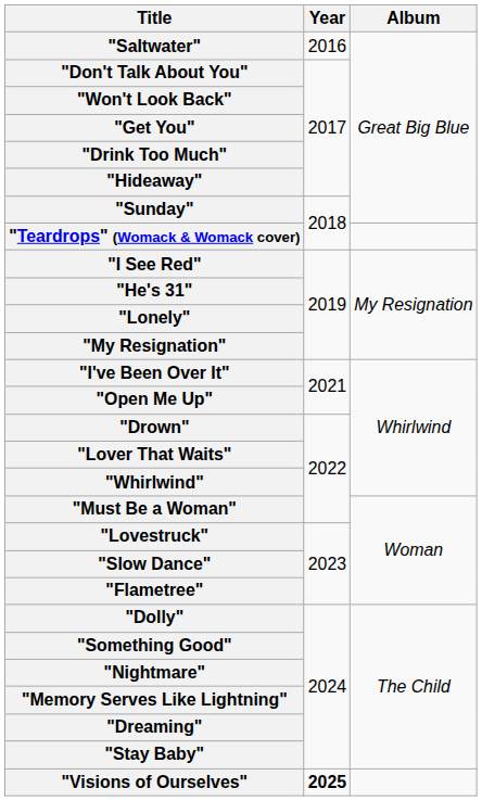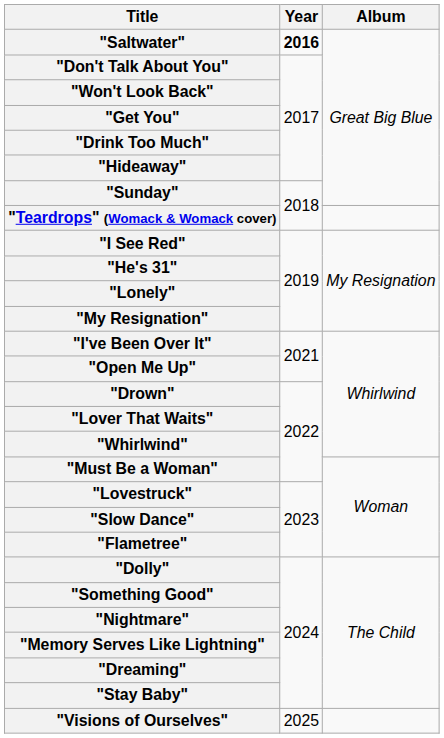 <table class="wikitable plainrowheaders" style="text-align:center;">
 <tr>
 <th scope="col">Title</th>
 <th scope="col">Year</th>
 <th scope="col">Album</th>
 </tr>
 <tr>
 <th scope="row">"Saltwater"</th>
-<td>2016</td>
+<td><strong>2016</strong></td>
 <td rowspan="7"><em>Great Big Blue</em></td>
 </tr>
 <tr>
 <th scope="row">"Don't Talk About You"</th>
 <td rowspan="5">2017</td>
 </tr>
 <tr>
 <th scope="row">"Won't Look Back"</th>
 </tr>
 <tr>
 <th scope="row">"Get You"</th>
 </tr>
 <tr>
 <th scope="row">"Drink Too Much"</th>
 </tr>
 <tr>
 <th scope="row">"Hideaway"</th>
 </tr>
 <tr>
 <th scope="row">"Sunday"</th>
 <td rowspan="2">2018</td>
 </tr>
 <tr>
 <th scope="row">"<a href='#'>Teardrops</a>" <small>(<a href='#'>Womack & Womack</a> cover)</small></th>
 <td></td>
 </tr>
 <tr>
 <th scope="row">"I See Red"</th>
 <td rowspan="4">2019</td>
 <td rowspan="4"><em>My Resignation</em></td>
 </tr>
 <tr>
 <th scope="row">"He's 31"</th>
 </tr>
 <tr>
 <th scope="row">"Lonely"</th>
 </tr>
 <tr>
 <th scope="row">"My Resignation"</th>
 </tr>
 <tr>
 <th scope="row">"I've Been Over It"</th>
 <td rowspan="2">2021</td>
 <td rowspan="5"><em>Whirlwind</em></td>
 </tr>
 <tr>
 <th scope="row">"Open Me Up"</th>
 </tr>
 <tr>
 <th scope="row">"Drown"</th>
 <td rowspan="4">2022</td>
 </tr>
 <tr>
 <th scope="row">"Lover That Waits"</th>
 </tr>
 <tr>
 <th scope="row">"Whirlwind"</th>
 </tr>
 <tr>
 <th scope="row">"Must Be a Woman"</th>
 <td rowspan="4"><em>Woman</em></td>
 </tr>
 <tr>
 <th scope="row">"Lovestruck"</th>
 <td rowspan="3">2023</td>
 </tr>
 <tr>
 <th scope="row">"Slow Dance"</th>
 </tr>
 <tr>
 <th scope="row">"Flametree"</th>
 </tr>
 <tr>
 <th scope="row">"Dolly"</th>
 <td rowspan="6">2024</td>
 <td rowspan="6"><em>The Child</em></td>
 </tr>
 <tr>
 <th scope="row">"Something Good"</th>
 </tr>
 <tr>
 <th scope="row">"Nightmare"</th>
 </tr>
 <tr>
 <th scope="row">"Memory Serves Like Lightning"</th>
 </tr>
 <tr>
 <th scope="row">"Dreaming"</th>
 </tr>
 <tr>
 <th scope="row">"Stay Baby"</th>
 </tr>
 <tr>
 <th scope="row">"Visions of Ourselves"</th>
-<td><strong>2025</strong></td>
+<td>2025</td>
 <td></td>
 </tr>
 </table>
